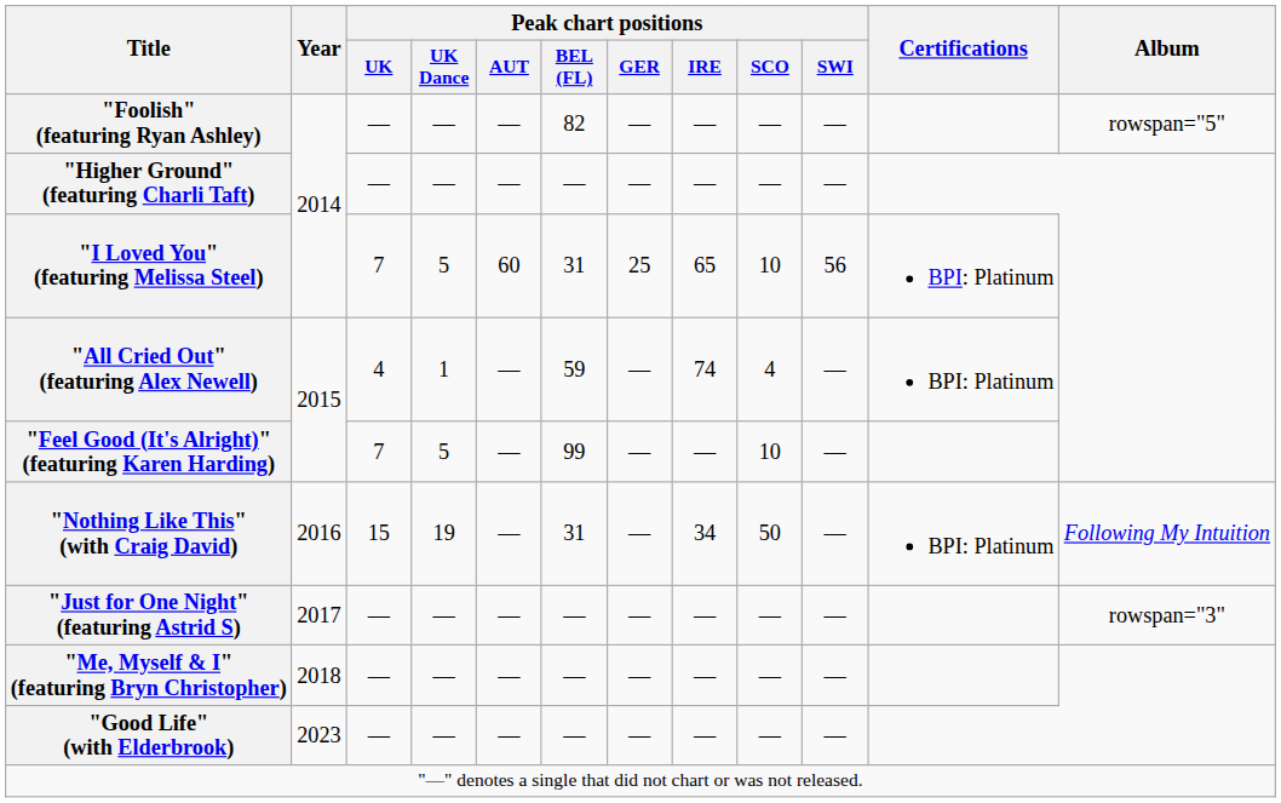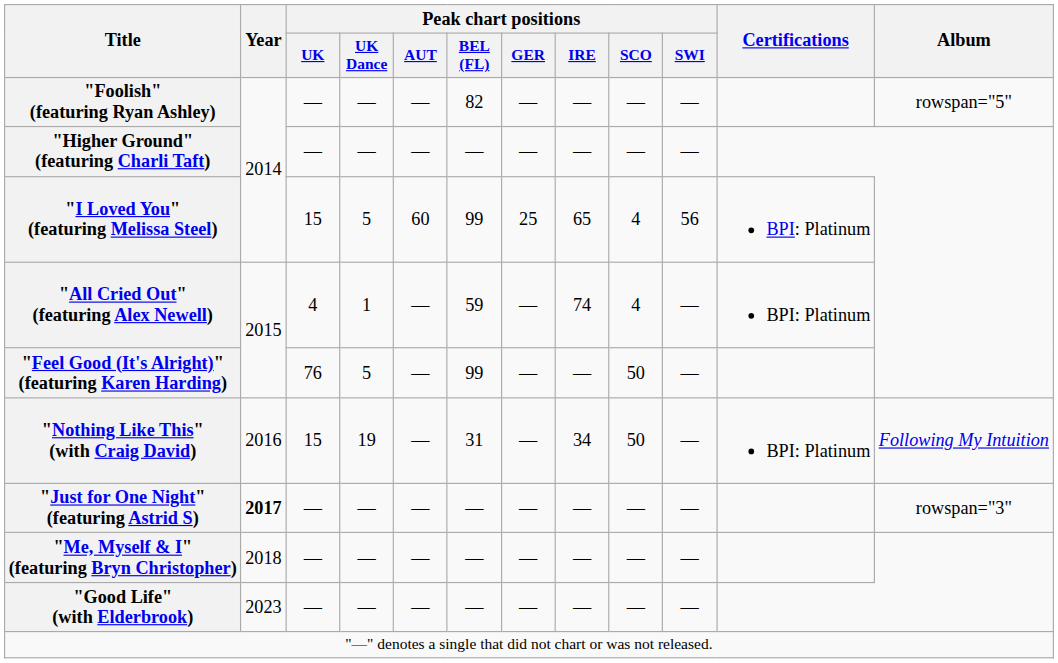 <table class="wikitable plainrowheaders" style="text-align:center;">
 <tr>
 <th scope="col" rowspan="2">Title</th>
 <th scope="col" rowspan="2">Year</th>
 <th scope="col" colspan="8">Peak chart positions</th>
 <th scope="col" rowspan="2"><a href='#'>Certifications</a></th>
 <th scope="col" rowspan="2">Album</th>
 </tr>
 <tr>
 <th scope="col" style="width:3em;font-size:85%;"><a href='#'>UK</a><br></th>
 <th scope="col" style="width:3em;font-size:85%;"><a href='#'>UK Dance</a><br></th>
 <th scope="col" style="width:3em;font-size:85%;"><a href='#'>AUT</a><br></th>
 <th scope="col" style="width:3em;font-size:85%;"><a href='#'>BEL<br>(FL)</a><br></th>
 <th scope="col" style="width:3em;font-size:85%;"><a href='#'>GER</a><br></th>
 <th scope="col" style="width:3em;font-size:85%;"><a href='#'>IRE</a><br></th>
 <th scope="col" style="width:3em;font-size:85%;"><a href='#'>SCO</a><br></th>
 <th scope="col" style="width:3em;font-size:85%;"><a href='#'>SWI</a><br></th>
 </tr>
 <tr>
 <th scope="row">"Foolish"<br><span>(featuring Ryan Ashley)</span></th>
 <td rowspan="3">2014</td>
 <td>—</td>
 <td>—</td>
 <td>—</td>
 <td>82</td>
 <td>—</td>
 <td>—</td>
 <td>—</td>
 <td>—</td>
 <td></td>
 <td>rowspan="5" </td>
 </tr>
 <tr>
 <th scope="row">"Higher Ground"<br><span>(featuring <a href='#'>Charli Taft</a>)</span></th>
 <td>—</td>
 <td>—</td>
 <td>—</td>
 <td>—</td>
 <td>—</td>
 <td>—</td>
 <td>—</td>
 <td>—</td>
 </tr>
 <tr>
 <th scope="row">"<a href='#'>I Loved You</a>"<br><span>(featuring <a href='#'>Melissa Steel</a>)</span></th>
-<td>7</td>
+<td>15</td>
 <td>5</td>
 <td>60</td>
-<td>31</td>
+<td>99</td>
 <td>25</td>
 <td>65</td>
-<td>10</td>
+<td>4</td>
 <td>56</td>
 <td><br><ul><li><a href='#'>BPI</a>: Platinum</li></ul></td>
 </tr>
 <tr>
 <th scope="row">"<a href='#'>All Cried Out</a>"<br><span>(featuring <a href='#'>Alex Newell</a>)</span></th>
 <td rowspan="2">2015</td>
 <td>4</td>
 <td>1</td>
 <td>—</td>
 <td>59</td>
 <td>—</td>
 <td>74</td>
 <td>4</td>
 <td>—</td>
 <td><br><ul><li>BPI: Platinum</li></ul></td>
 </tr>
 <tr>
 <th scope="row">"<a href='#'>Feel Good (It's Alright)</a>"<br><span>(featuring <a href='#'>Karen Harding</a>)</span></th>
-<td>7</td>
+<td>76</td>
 <td>5</td>
 <td>—</td>
 <td>99</td>
 <td>—</td>
 <td>—</td>
-<td>10</td>
+<td>50</td>
 <td>—</td>
 <td></td>
 </tr>
 <tr>
 <th scope="row">"<a href='#'>Nothing Like This</a>"<br><span>(with <a href='#'>Craig David</a>)</span></th>
 <td>2016</td>
 <td>15</td>
 <td>19</td>
 <td>—</td>
 <td>31</td>
 <td>—</td>
 <td>34<br></td>
 <td>50</td>
 <td>—</td>
 <td><br><ul><li>BPI: Platinum</li></ul></td>
 <td><em><a href='#'>Following My Intuition</a></em></td>
 </tr>
 <tr>
 <th scope="row">"<a href='#'>Just for One Night</a>"<br><span>(featuring <a href='#'>Astrid S</a>)</span></th>
-<td>2017</td>
+<td><strong>2017</strong></td>
 <td>—</td>
 <td>—</td>
 <td>—</td>
 <td>—</td>
 <td>—</td>
 <td>—</td>
 <td>—</td>
 <td>—</td>
 <td></td>
 <td>rowspan="3" </td>
 </tr>
 <tr>
 <th scope="row">"<a href='#'>Me, Myself & I</a>"<br><span>(featuring <a href='#'>Bryn Christopher</a>)</span></th>
 <td>2018</td>
 <td>—</td>
 <td>—</td>
 <td>—</td>
 <td>—</td>
 <td>—</td>
 <td>—</td>
 <td>—</td>
 <td>—</td>
 <td></td>
 </tr>
 <tr>
 <th scope="row">"Good Life"<br><span>(with <a href='#'>Elderbrook</a>)</span></th>
 <td>2023</td>
 <td>—</td>
 <td>—</td>
 <td>—</td>
 <td>—</td>
 <td>—</td>
 <td>—</td>
 <td>—</td>
 <td>—</td>
 </tr>
 <tr>
 <td colspan="12" style="font-size:85%">"—" denotes a single that did not chart or was not released.</td>
 </tr>
 </table>
